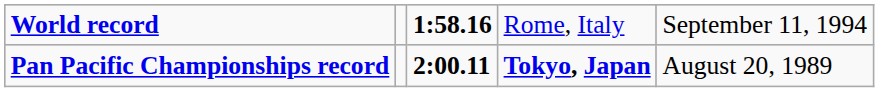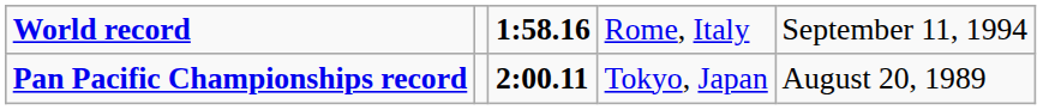 <table class="wikitable">
 <tr>
 <td><strong><a href='#'>World record</a></strong></td>
 <td></td>
 <td><strong>1:58.16</strong></td>
 <td><a href='#'>Rome</a>, <a href='#'>Italy</a></td>
 <td>September 11, 1994</td>
 </tr>
 <tr>
 <td><strong><a href='#'>Pan Pacific Championships record</a></strong></td>
 <td></td>
 <td><strong>2:00.11</strong></td>
-<td><strong><a href='#'>Tokyo</a>, <a href='#'>Japan</a></strong></td>
+<td><a href='#'>Tokyo</a>, <a href='#'>Japan</a></td>
 <td>August 20, 1989</td>
 </tr>
 </table>
